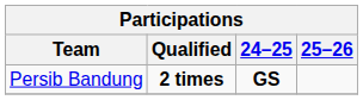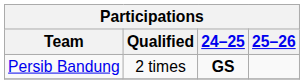 <table class="wikitable">
 <tr>
 <th colspan=4>Participations</th>
 </tr>
 <tr>
 <th>Team</th>
 <th>Qualified</th>
 <th><a href='#'>24–25</a></th>
 <th><a href='#'>25–26</a></th>
 </tr>
 <tr align=center>
 <td align=left><a href='#'>Persib Bandung</a></td>
-<td><strong>2 times</strong></td>
+<td>2 times</td>
 <td><strong>GS</strong></td>
 <td></td>
 </tr>
 <tr>
 </tr>
 </table>
